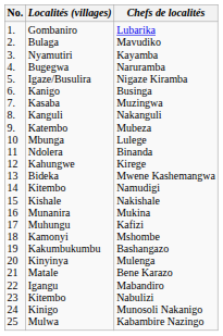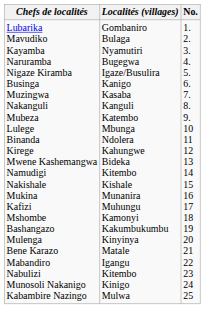 <table class="wikitable">
 <tr>
+<th><em>Chefs de localités</em></th>
+<th><em>Localités (villages)</em></th>
 <th>No.</th>
-<th><em>Localités (villages)</em></th>
-<th><em>Chefs de localités</em></th>
 </tr>
 <tr>
+<td><a href='#'>Lubarika</a><br>Mavudiko<br>Kayamba<br>Naruramba<br>Nigaze Kiramba<br>Businga<br>Muzingwa<br>Nakanguli<br>Mubeza<br>Lulege<br>Binanda<br>Kirege<br>Mwene Kashemangwa<br>Namudigi<br>Nakishale<br>Mukina<br>Kafizi<br>Mshombe<br>Bashangazo<br>Mulenga<br>Bene Karazo<br>Mabandiro<br>Nabulizi<br>Munosoli Nakanigo<br>Kabambire Nazingo</td>
+<td>Gombaniro<br>Bulaga<br>Nyamutiri<br>Bugegwa<br>Igaze/Busulira<br>Kanigo<br>Kasaba<br>Kanguli<br>Katembo<br>Mbunga<br>Ndolera<br>Kahungwe<br>Bideka<br>Kitembo<br>Kishale<br>Munanira<br>Muhungu<br>Kamonyi<br>Kakumbukumbu<br>Kinyinya<br>Matale<br>Igangu<br>Kitembo<br>Kinigo<br>Mulwa</td>
 <td>1.<br>2.<br>3.<br>4.<br>5.<br>6.<br>7.<br>8.<br>9.<br>10<br>11<br>12<br>13<br>14<br>15<br>16<br>17<br>18<br>19<br>20<br>21<br>22<br>23<br>24<br>25</td>
-<td>Gombaniro<br>Bulaga<br>Nyamutiri<br>Bugegwa<br>Igaze/Busulira<br>Kanigo<br>Kasaba<br>Kanguli<br>Katembo<br>Mbunga<br>Ndolera<br>Kahungwe<br>Bideka<br>Kitembo<br>Kishale<br>Munanira<br>Muhungu<br>Kamonyi<br>Kakumbukumbu<br>Kinyinya<br>Matale<br>Igangu<br>Kitembo<br>Kinigo<br>Mulwa</td>
-<td><a href='#'>Lubarika</a><br>Mavudiko<br>Kayamba<br>Naruramba<br>Nigaze Kiramba<br>Businga<br>Muzingwa<br>Nakanguli<br>Mubeza<br>Lulege<br>Binanda<br>Kirege<br>Mwene Kashemangwa<br>Namudigi<br>Nakishale<br>Mukina<br>Kafizi<br>Mshombe<br>Bashangazo<br>Mulenga<br>Bene Karazo<br>Mabandiro<br>Nabulizi<br>Munosoli Nakanigo<br>Kabambire Nazingo</td>
 </tr>
 </table>
